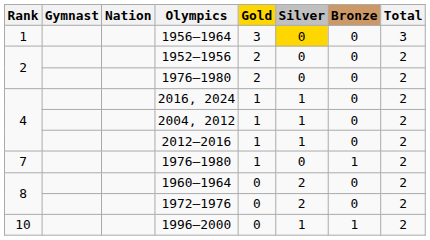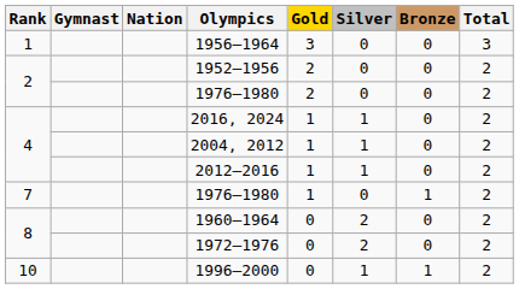 <table class="wikitable sortable" style="text-align:center">
 <tr>
 <th>Rank</th>
 <th>Gymnast</th>
 <th>Nation</th>
 <th>Olympics</th>
 <th style="background-color:gold">Gold</th>
 <th style="background-color:silver">Silver</th>
 <th style="background-color:#cc9966">Bronze</th>
 <th>Total</th>
 </tr>
 <tr>
 <td>1</td>
 <td align=left></td>
 <td align=left></td>
 <td>1956–1964</td>
 <td>3</td>
-<td style="background: gold;">0</td>
+<td>0</td>
 <td>0</td>
 <td>3</td>
 </tr>
 <tr>
 <td rowspan="2">2</td>
 <td align=left></td>
 <td align=left></td>
 <td>1952–1956</td>
 <td>2</td>
 <td>0</td>
 <td>0</td>
 <td>2</td>
 </tr>
 <tr>
 <td align=left></td>
 <td align=left></td>
 <td>1976–1980</td>
 <td>2</td>
 <td>0</td>
 <td>0</td>
 <td>2</td>
 </tr>
 <tr>
 <td rowspan="3">4</td>
 <td align=left></td>
 <td align=left></td>
 <td>2016, 2024</td>
 <td>1</td>
 <td>1</td>
 <td>0</td>
 <td>2</td>
 </tr>
 <tr>
 <td align=left></td>
 <td align=left></td>
 <td>2004, 2012</td>
 <td>1</td>
 <td>1</td>
 <td>0</td>
 <td>2</td>
 </tr>
 <tr>
 <td align=left></td>
 <td align=left></td>
 <td>2012–2016</td>
 <td>1</td>
 <td>1</td>
 <td>0</td>
 <td>2</td>
 </tr>
 <tr>
 <td>7</td>
 <td align=left></td>
 <td align=left></td>
 <td>1976–1980</td>
 <td>1</td>
 <td>0</td>
 <td>1</td>
 <td>2</td>
 </tr>
 <tr>
 <td rowspan="2">8</td>
 <td align=left></td>
 <td align=left></td>
 <td>1960–1964</td>
 <td>0</td>
 <td>2</td>
 <td>0</td>
 <td>2</td>
 </tr>
 <tr>
 <td align=left></td>
 <td align=left></td>
 <td>1972–1976</td>
 <td>0</td>
 <td>2</td>
 <td>0</td>
 <td>2</td>
 </tr>
 <tr>
 <td>10</td>
 <td align=left></td>
 <td align=left></td>
 <td>1996–2000</td>
 <td>0</td>
 <td>1</td>
 <td>1</td>
 <td>2</td>
 </tr>
 </table>
